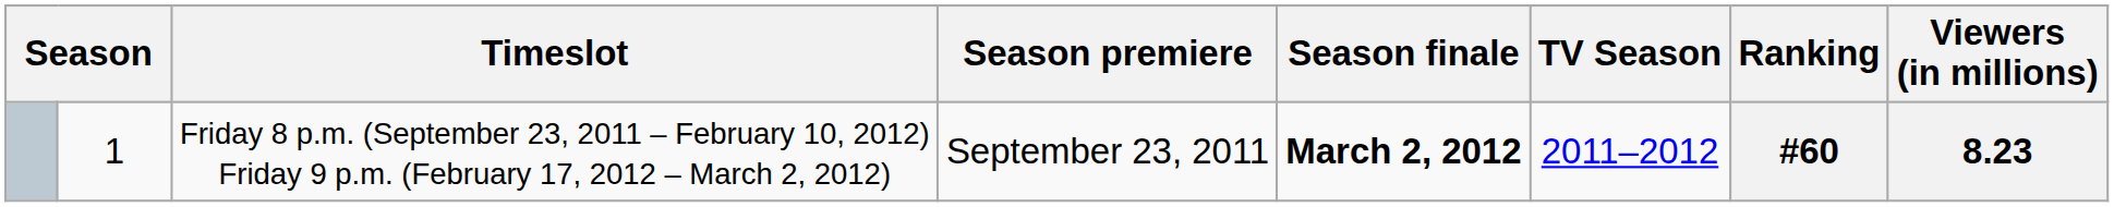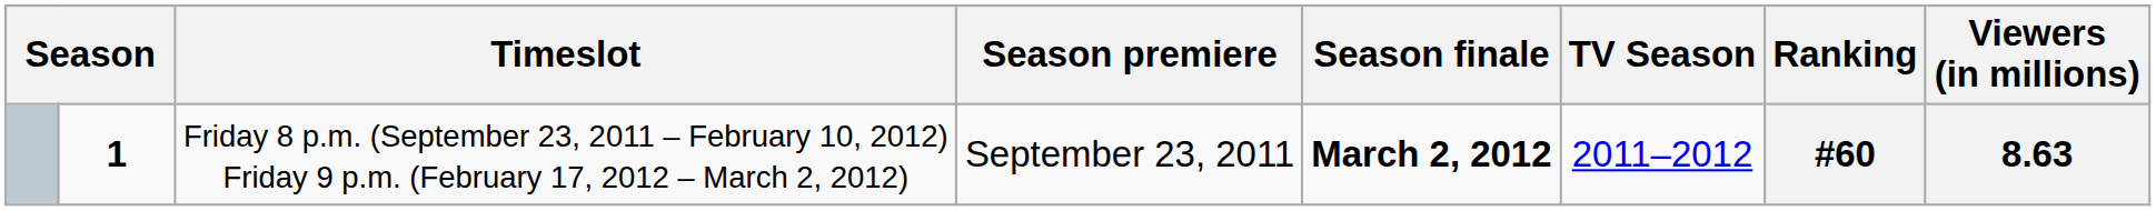 <table class="wikitable">
 <tr style="background:#cccccc;">
 <th style="padding: 0 8px;" colspan="2">Season</th>
 <th>Timeslot</th>
 <th>Season premiere</th>
 <th>Season finale</th>
 <th>TV Season</th>
 <th>Ranking</th>
 <th>Viewers<br>(in millions)</th>
 </tr>
 <tr style="background:#f9f9f9;">
 <td style="background:#BCC9D2; height:10px;"></td>
-<td style="text-align:center">1</td>
+<td style="text-align:center"><strong>1</strong></td>
 <td style="text-align:center;"><small>Friday 8 p.m. (September 23, 2011 – February 10, 2012)</small><br><small>Friday 9 p.m. (February 17, 2012 – March 2, 2012)</small></td>
 <td>September 23, 2011</td>
 <td><strong>March 2, 2012</strong></td>
 <td style="text-align:center"><a href='#'>2011–2012</a></td>
 <th style="text-align:center">#60</th>
-<th style="text-align:center">8.23</th>
+<th style="text-align:center">8.63</th>
 </tr>
 </table>
